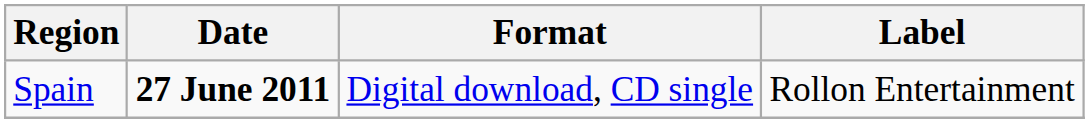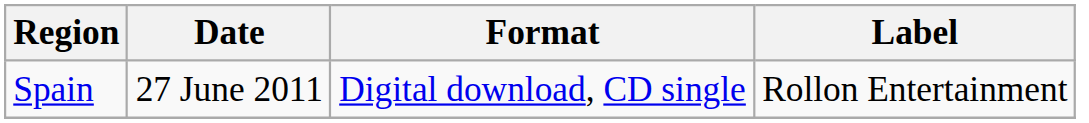 <table class=wikitable>
 <tr>
 <th>Region</th>
 <th>Date</th>
 <th>Format</th>
 <th>Label</th>
 </tr>
 <tr>
 <td><a href='#'>Spain</a></td>
-<td><strong>27 June 2011</strong></td>
+<td>27 June 2011</td>
 <td><a href='#'>Digital download</a>, <a href='#'>CD single</a></td>
 <td>Rollon Entertainment</td>
 </tr>
 <tr>
 </tr>
 </table>
